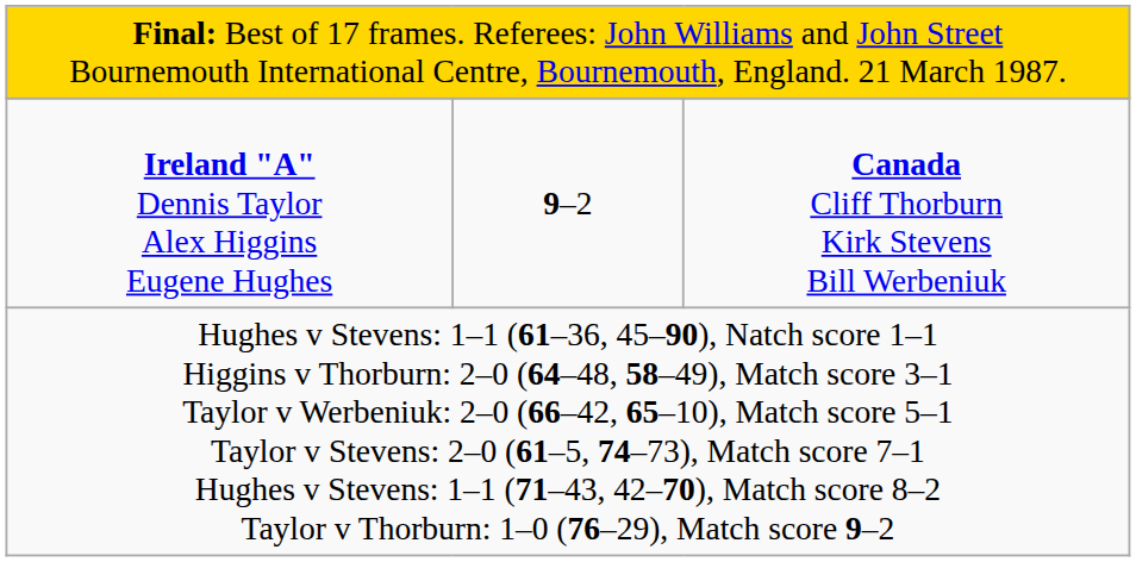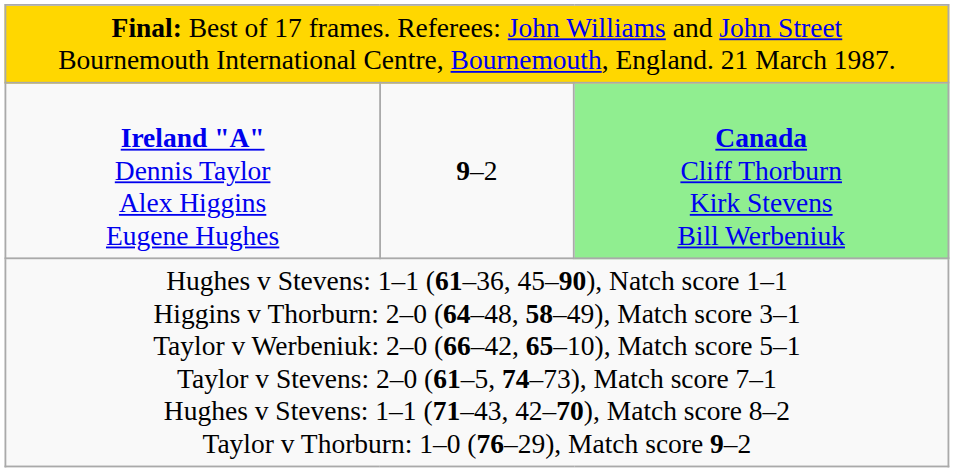 <table class="wikitable" style="font-size: 95%; margin: 1em auto 1em auto;">
 <tr>
 <td colspan="3" align="center" bgcolor="#ffd700"><strong>Final:</strong> Best of 17 frames.  Referees: <a href='#'>John Williams</a> and <a href='#'>John Street</a> <br> Bournemouth International Centre, <a href='#'>Bournemouth</a>, England. 21 March 1987.</td>
 </tr>
 <tr>
 <td width="200" align="center"><strong><br>  <a href='#'>Ireland "A"</a></strong> <br><a href='#'>Dennis Taylor</a><br><a href='#'>Alex Higgins</a><br><a href='#'>Eugene Hughes</a></td>
 <td width="100" align="center"><strong>9</strong>–2</td>
-<td width="200" align="center"><strong><br> <a href='#'>Canada</a></strong> <br><a href='#'>Cliff Thorburn</a><br><a href='#'>Kirk Stevens</a><br><a href='#'>Bill Werbeniuk</a></td>
+<td width="200" align="center" style="background: lightgreen;"><strong><br> <a href='#'>Canada</a></strong> <br><a href='#'>Cliff Thorburn</a><br><a href='#'>Kirk Stevens</a><br><a href='#'>Bill Werbeniuk</a></td>
 </tr>
 <tr>
 <td colspan="3" align="center" style="font-size: 100%">Hughes v Stevens:  1–1 (<strong>61</strong>–36, 45–<strong>90</strong>), Natch score 1–1<br> Higgins v Thorburn: 2–0 (<strong>64</strong>–48, <strong>58</strong>–49), Match score 3–1 <br> Taylor v Werbeniuk: 2–0 (<strong>66</strong>–42, <strong>65</strong>–10), Match score 5–1 <br> Taylor v Stevens: 2–0 (<strong>61</strong>–5, <strong>74</strong>–73), Match score 7–1 <br> Hughes v Stevens: 1–1 (<strong>71</strong>–43, 42–<strong>70</strong>), Match score 8–2<br> Taylor v Thorburn: 1–0 (<strong>76</strong>–29), Match score <strong>9</strong>–2</td>
 </tr>
 </table>
